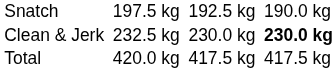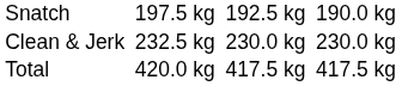 <table>
 <tr>
 <td>Snatch</td>
 <td></td>
 <td>197.5 kg</td>
 <td></td>
 <td>192.5 kg</td>
 <td></td>
 <td>190.0 kg</td>
 </tr>
 <tr>
 <td>Clean & Jerk</td>
 <td></td>
 <td>232.5 kg</td>
 <td></td>
 <td>230.0 kg</td>
 <td></td>
-<td><strong>230.0 kg</strong></td>
+<td>230.0 kg</td>
 </tr>
 <tr>
 <td>Total</td>
 <td></td>
 <td>420.0 kg</td>
 <td></td>
 <td>417.5 kg</td>
 <td></td>
 <td>417.5 kg</td>
 </tr>
 </table>
